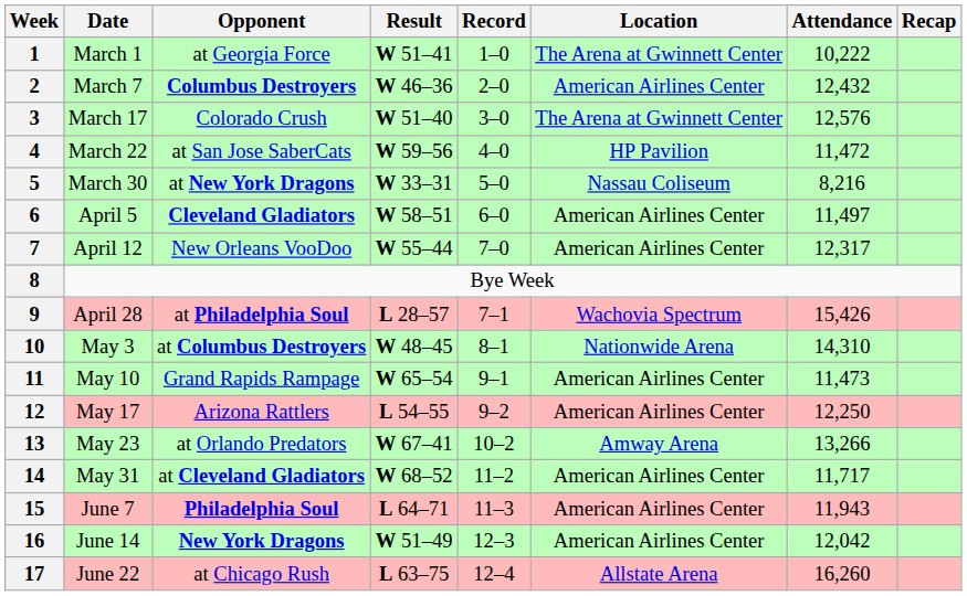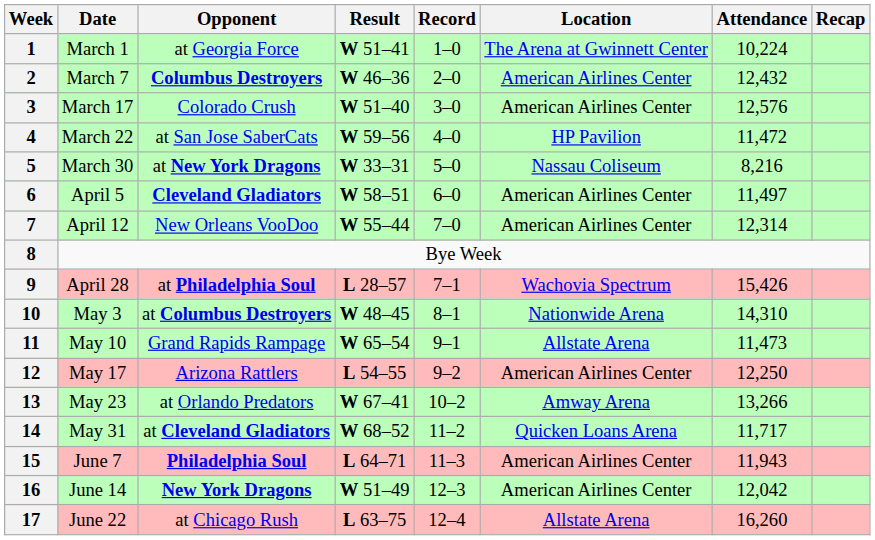 <table class="wikitable" style="text-align:center">
 <tr>
 <th>Week</th>
 <th>Date</th>
 <th>Opponent</th>
 <th>Result</th>
 <th>Record</th>
 <th>Location</th>
 <th>Attendance</th>
 <th>Recap</th>
 </tr>
 <tr bgcolor="#bbffbb">
 <th>1</th>
 <td>March 1</td>
 <td>at <a href='#'>Georgia Force</a></td>
 <td><strong>W</strong> 51–41</td>
 <td>1–0</td>
 <td><a href='#'>The Arena at Gwinnett Center</a></td>
-<td>10,222</td>
+<td>10,224</td>
 <td></td>
 </tr>
 <tr bgcolor="#bbffbb">
 <th>2</th>
 <td>March 7</td>
 <td><strong><a href='#'>Columbus Destroyers</a></strong></td>
 <td><strong>W</strong> 46–36</td>
 <td>2–0</td>
 <td><a href='#'>American Airlines Center</a></td>
 <td>12,432</td>
 <td></td>
 </tr>
 <tr bgcolor="#bbffbb">
 <th>3</th>
 <td>March 17</td>
 <td><a href='#'>Colorado Crush</a></td>
 <td><strong>W</strong> 51–40</td>
 <td>3–0</td>
-<td><a href='#'>The Arena at Gwinnett Center</a></td>
+<td>American Airlines Center</td>
 <td>12,576</td>
 <td></td>
 </tr>
 <tr bgcolor="#bbffbb">
 <th>4</th>
 <td>March 22</td>
 <td>at <a href='#'>San Jose SaberCats</a></td>
 <td><strong>W</strong> 59–56</td>
 <td>4–0</td>
 <td><a href='#'>HP Pavilion</a></td>
 <td>11,472</td>
 <td></td>
 </tr>
 <tr bgcolor="#bbffbb">
 <th>5</th>
 <td>March 30</td>
 <td>at <strong><a href='#'>New York Dragons</a></strong></td>
 <td><strong>W</strong> 33–31</td>
 <td>5–0</td>
 <td><a href='#'>Nassau Coliseum</a></td>
 <td>8,216</td>
 <td></td>
 </tr>
 <tr bgcolor="#bbffbb">
 <th>6</th>
 <td>April 5</td>
 <td><strong><a href='#'>Cleveland Gladiators</a></strong></td>
 <td><strong>W</strong> 58–51</td>
 <td>6–0</td>
 <td>American Airlines Center</td>
 <td>11,497</td>
 <td></td>
 </tr>
 <tr bgcolor="#bbffbb">
 <th>7</th>
 <td>April 12</td>
 <td><a href='#'>New Orleans VooDoo</a></td>
 <td><strong>W</strong> 55–44</td>
 <td>7–0</td>
 <td>American Airlines Center</td>
-<td>12,317</td>
+<td>12,314</td>
 <td></td>
 </tr>
 <tr>
 <th>8</th>
 <td colspan=7>Bye Week</td>
 </tr>
 <tr bgcolor="#ffbbbb">
 <th>9</th>
 <td>April 28</td>
 <td>at <strong><a href='#'>Philadelphia Soul</a></strong></td>
 <td><strong>L</strong> 28–57</td>
 <td>7–1</td>
 <td><a href='#'>Wachovia Spectrum</a></td>
 <td>15,426</td>
 <td></td>
 </tr>
 <tr bgcolor="#bbffbb">
 <th>10</th>
 <td>May 3</td>
 <td>at <strong><a href='#'>Columbus Destroyers</a></strong></td>
 <td><strong>W</strong> 48–45</td>
 <td>8–1</td>
 <td><a href='#'>Nationwide Arena</a></td>
 <td>14,310</td>
 <td></td>
 </tr>
 <tr bgcolor="#bbffbb">
 <th>11</th>
 <td>May 10</td>
 <td><a href='#'>Grand Rapids Rampage</a></td>
 <td><strong>W</strong> 65–54</td>
 <td>9–1</td>
-<td>American Airlines Center</td>
+<td><a href='#'>Allstate Arena</a></td>
 <td>11,473</td>
 <td></td>
 </tr>
 <tr bgcolor="#ffbbbb">
 <th>12</th>
 <td>May 17</td>
 <td><a href='#'>Arizona Rattlers</a></td>
 <td><strong>L</strong> 54–55</td>
 <td>9–2</td>
 <td>American Airlines Center</td>
 <td>12,250</td>
 <td></td>
 </tr>
 <tr bgcolor="#bbffbb">
 <th>13</th>
 <td>May 23</td>
 <td>at <a href='#'>Orlando Predators</a></td>
 <td><strong>W</strong> 67–41</td>
 <td>10–2</td>
 <td><a href='#'>Amway Arena</a></td>
 <td>13,266</td>
 <td></td>
 </tr>
 <tr bgcolor="#bbffbb">
 <th>14</th>
 <td>May 31</td>
 <td>at <strong><a href='#'>Cleveland Gladiators</a></strong></td>
 <td><strong>W</strong> 68–52</td>
 <td>11–2</td>
-<td>American Airlines Center</td>
+<td><a href='#'>Quicken Loans Arena</a></td>
 <td>11,717</td>
 <td></td>
 </tr>
 <tr bgcolor="#ffbbbb">
 <th>15</th>
 <td>June 7</td>
 <td><strong><a href='#'>Philadelphia Soul</a></strong></td>
 <td><strong>L</strong> 64–71</td>
 <td>11–3</td>
 <td>American Airlines Center</td>
 <td>11,943</td>
 <td></td>
 </tr>
 <tr bgcolor="#bbffbb">
 <th>16</th>
 <td>June 14</td>
 <td><strong><a href='#'>New York Dragons</a></strong></td>
 <td><strong>W</strong> 51–49</td>
 <td>12–3</td>
 <td>American Airlines Center</td>
 <td>12,042</td>
 <td></td>
 </tr>
 <tr bgcolor="#ffbbbb">
 <th>17</th>
 <td>June 22</td>
 <td>at <a href='#'>Chicago Rush</a></td>
 <td><strong>L</strong> 63–75</td>
 <td>12–4</td>
 <td><a href='#'>Allstate Arena</a></td>
 <td>16,260</td>
 <td></td>
 </tr>
 </table>
